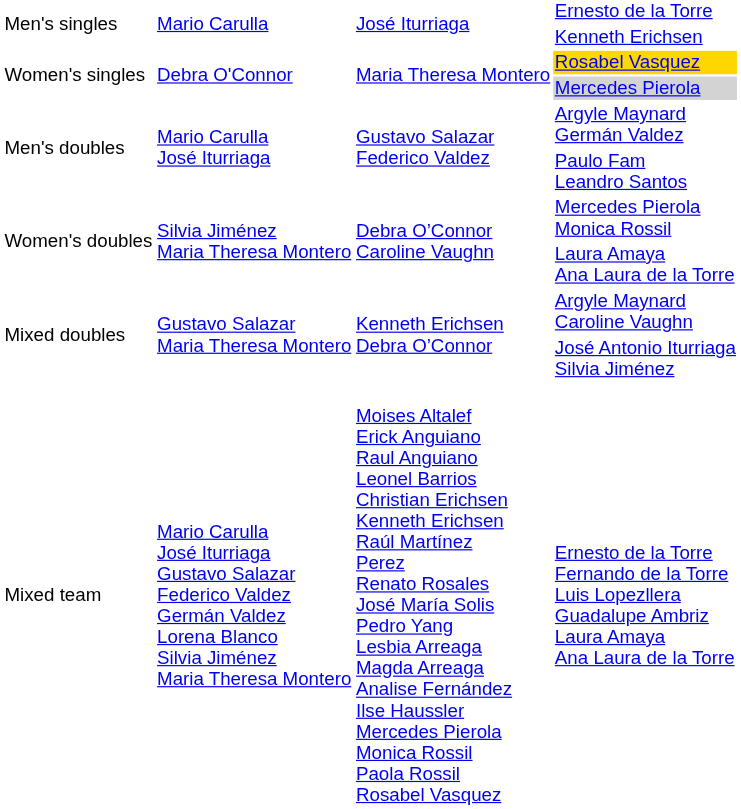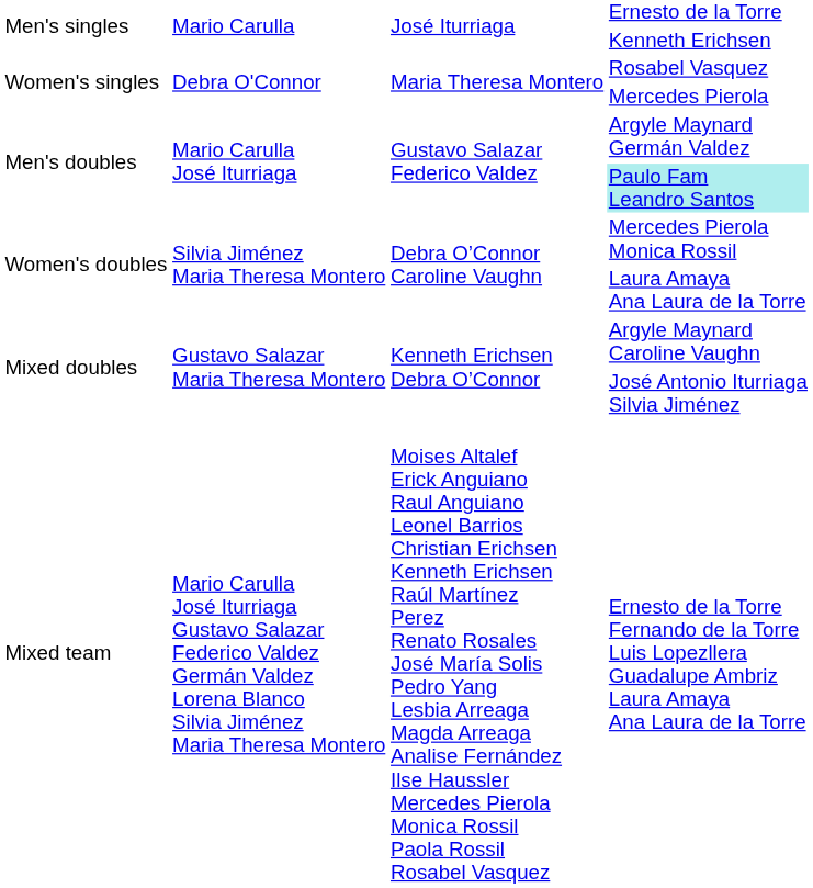 <table>
 <tr>
 <td rowspan="2">Men's singles</td>
 <td rowspan="2"> <a href='#'>Mario Carulla</a></td>
 <td rowspan="2"> <a href='#'>José Iturriaga</a></td>
 <td> <a href='#'>Ernesto de la Torre</a></td>
 </tr>
 <tr>
 <td> <a href='#'>Kenneth Erichsen</a></td>
 </tr>
 <tr>
 <td rowspan="2">Women's singles</td>
 <td rowspan="2"> <a href='#'>Debra O'Connor</a></td>
 <td rowspan="2"> <a href='#'>Maria Theresa Montero</a></td>
-<td style="background: gold;"> <a href='#'>Rosabel Vasquez</a></td>
+<td> <a href='#'>Rosabel Vasquez</a></td>
 </tr>
 <tr>
-<td style="background: lightgrey;"> <a href='#'>Mercedes Pierola</a></td>
+<td> <a href='#'>Mercedes Pierola</a></td>
 </tr>
 <tr>
 <td rowspan="2">Men's doubles</td>
 <td rowspan="2"> <a href='#'>Mario Carulla</a><br> <a href='#'>José Iturriaga</a></td>
 <td rowspan="2"> <a href='#'>Gustavo Salazar</a><br> <a href='#'>Federico Valdez</a></td>
 <td> <a href='#'>Argyle Maynard</a><br> <a href='#'>Germán Valdez</a></td>
 </tr>
 <tr>
-<td> <a href='#'>Paulo Fam</a><br> <a href='#'>Leandro Santos</a></td>
+<td style="background: paleturquoise;"> <a href='#'>Paulo Fam</a><br> <a href='#'>Leandro Santos</a></td>
 </tr>
 <tr>
 <td rowspan="2">Women's doubles</td>
 <td rowspan="2"> <a href='#'>Silvia Jiménez</a><br> <a href='#'>Maria Theresa Montero</a></td>
 <td rowspan="2"> <a href='#'>Debra O’Connor</a><br> <a href='#'>Caroline Vaughn</a></td>
 <td> <a href='#'>Mercedes Pierola</a><br> <a href='#'>Monica Rossil</a></td>
 </tr>
 <tr>
 <td> <a href='#'>Laura Amaya</a><br> <a href='#'>Ana Laura de la Torre</a></td>
 </tr>
 <tr>
 <td rowspan="2">Mixed doubles</td>
 <td rowspan="2"> <a href='#'>Gustavo Salazar</a> <br>  <a href='#'>Maria Theresa Montero</a></td>
 <td rowspan="2"> <a href='#'>Kenneth Erichsen</a><br> <a href='#'>Debra O’Connor</a></td>
 <td> <a href='#'>Argyle Maynard</a><br> <a href='#'>Caroline Vaughn</a></td>
 </tr>
 <tr>
 <td> <a href='#'>José Antonio Iturriaga</a><br> <a href='#'>Silvia Jiménez</a></td>
 </tr>
 <tr>
 <td>Mixed team</td>
 <td><br><a href='#'>Mario Carulla</a><br><a href='#'>José Iturriaga</a><br><a href='#'>Gustavo Salazar</a><br><a href='#'>Federico Valdez</a><br><a href='#'>Germán Valdez</a><br><a href='#'>Lorena Blanco</a><br><a href='#'>Silvia Jiménez</a><br><a href='#'>Maria Theresa Montero</a></td>
 <td><br><a href='#'>Moises Altalef</a><br><a href='#'>Erick Anguiano</a><br><a href='#'>Raul Anguiano</a><br><a href='#'>Leonel Barrios</a><br><a href='#'>Christian Erichsen</a><br><a href='#'>Kenneth Erichsen</a><br><a href='#'>Raúl Martínez</a><br><a href='#'>Perez</a><br><a href='#'>Renato Rosales</a><br><a href='#'>José María Solis</a><br><a href='#'>Pedro Yang</a><br><a href='#'>Lesbia Arreaga</a><br><a href='#'>Magda Arreaga</a><br><a href='#'>Analise Fernández</a><br><a href='#'>Ilse Haussler</a><br><a href='#'>Mercedes Pierola</a><br><a href='#'>Monica Rossil</a><br><a href='#'>Paola Rossil</a><br><a href='#'>Rosabel Vasquez</a></td>
 <td><br><a href='#'>Ernesto de la Torre</a><br><a href='#'>Fernando de la Torre</a><br><a href='#'>Luis Lopezllera</a><br><a href='#'>Guadalupe Ambriz</a><br><a href='#'>Laura Amaya</a><br><a href='#'>Ana Laura de la Torre</a></td>
 </tr>
 </table>
